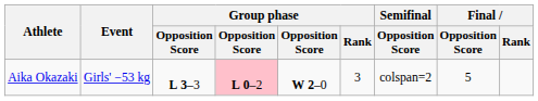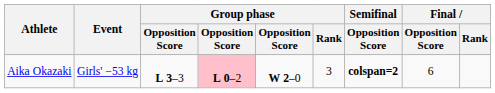 <table class="wikitable" style="font-size:90%">
 <tr>
 <th rowspan="2">Athlete</th>
 <th rowspan="2">Event</th>
 <th colspan="4">Group phase</th>
 <th>Semifinal</th>
 <th colspan=2>Final / </th>
 </tr>
 <tr style="font-size:95%">
 <th>Opposition <br> Score</th>
 <th>Opposition <br> Score</th>
 <th>Opposition <br> Score</th>
 <th>Rank</th>
 <th>Opposition <br> Score</th>
 <th>Opposition <br> Score</th>
 <th>Rank</th>
 </tr>
 <tr align=center>
 <td align=left><a href='#'>Aika Okazaki</a></td>
 <td align=left><a href='#'>Girls' −53 kg</a></td>
 <td><br><strong>L</strong> <strong>3</strong>–3</td>
 <td style="background: pink;"><br><strong>L</strong> <strong>0</strong>–2</td>
 <td><br><strong>W</strong> <strong>2</strong>–0</td>
 <td>3</td>
-<td>colspan=2 </td>
-<td>5</td>
+<td><strong>colspan=2 </strong></td>
+<td>6</td>
 </tr>
 </table>
